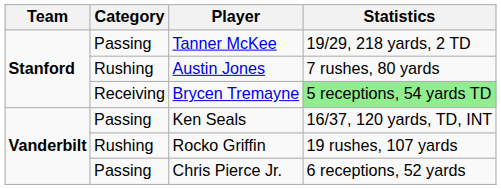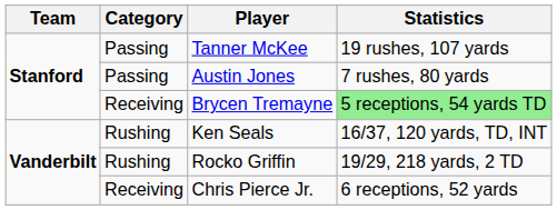 <table class="wikitable" style="float: right;">
 <tr>
 <th>Team</th>
 <th>Category</th>
 <th>Player</th>
 <th>Statistics</th>
 </tr>
 <tr>
 <td rowspan=3><strong>Stanford</strong></td>
 <td>Passing</td>
 <td><a href='#'>Tanner McKee</a></td>
-<td>19/29, 218 yards, 2 TD</td>
+<td>19 rushes, 107 yards</td>
 </tr>
 <tr>
-<td>Rushing</td>
+<td>Passing</td>
 <td><a href='#'>Austin Jones</a></td>
 <td>7 rushes, 80 yards</td>
 </tr>
 <tr>
 <td>Receiving</td>
 <td><a href='#'>Brycen Tremayne</a></td>
 <td style="background: lightgreen;">5 receptions, 54 yards TD</td>
 </tr>
 <tr>
 <td rowspan=3><strong>Vanderbilt</strong></td>
-<td>Passing</td>
+<td>Rushing</td>
 <td>Ken Seals</td>
 <td>16/37, 120 yards, TD, INT</td>
 </tr>
 <tr>
 <td>Rushing</td>
 <td>Rocko Griffin</td>
-<td>19 rushes, 107 yards</td>
+<td>19/29, 218 yards, 2 TD</td>
 </tr>
 <tr>
-<td>Passing</td>
+<td>Receiving</td>
 <td>Chris Pierce Jr.</td>
 <td>6 receptions, 52 yards</td>
 </tr>
 </table>
